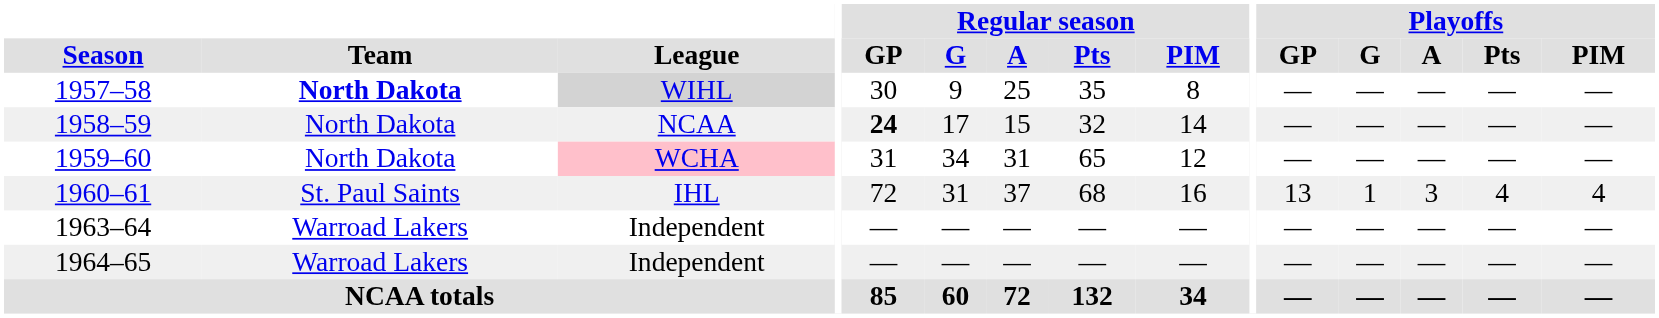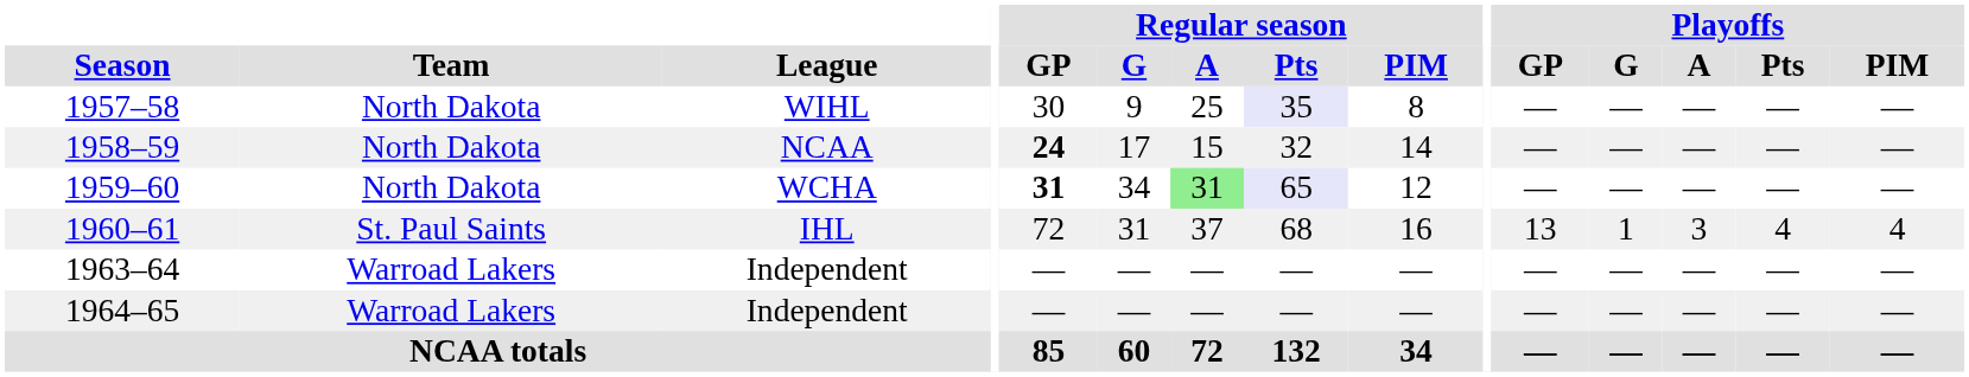 <table border="0" cellpadding="1" cellspacing="0" style="text-align:center; width:60em">
 <tr bgcolor="#e0e0e0">
 <th colspan="3" bgcolor="#ffffff"></th>
 <th rowspan="99" bgcolor="#ffffff"></th>
 <th colspan="5"><a href='#'>Regular season</a></th>
 <th rowspan="99" bgcolor="#ffffff"></th>
 <th colspan="5"><a href='#'>Playoffs</a></th>
 </tr>
 <tr bgcolor="#e0e0e0">
 <th><a href='#'>Season</a></th>
 <th>Team</th>
 <th>League</th>
 <th>GP</th>
 <th><a href='#'>G</a></th>
 <th><a href='#'>A</a></th>
 <th><a href='#'>Pts</a></th>
 <th><a href='#'>PIM</a></th>
 <th>GP</th>
 <th>G</th>
 <th>A</th>
 <th>Pts</th>
 <th>PIM</th>
 </tr>
 <tr>
 <td><a href='#'>1957–58</a></td>
-<td><strong><a href='#'>North Dakota</a></strong></td>
-<td style="background: lightgrey;"><a href='#'>WIHL</a></td>
+<td><a href='#'>North Dakota</a></td>
+<td><a href='#'>WIHL</a></td>
 <td>30</td>
 <td>9</td>
 <td>25</td>
-<td>35</td>
+<td style="background: lavender;">35</td>
 <td>8</td>
 <td>—</td>
 <td>—</td>
 <td>—</td>
 <td>—</td>
 <td>—</td>
 </tr>
 <tr bgcolor="f0f0f0">
 <td><a href='#'>1958–59</a></td>
 <td><a href='#'>North Dakota</a></td>
 <td><a href='#'>NCAA</a></td>
 <td><strong>24</strong></td>
 <td>17</td>
 <td>15</td>
 <td>32</td>
 <td>14</td>
 <td>—</td>
 <td>—</td>
 <td>—</td>
 <td>—</td>
 <td>—</td>
 </tr>
 <tr>
 <td><a href='#'>1959–60</a></td>
 <td><a href='#'>North Dakota</a></td>
-<td style="background: pink;"><a href='#'>WCHA</a></td>
-<td>31</td>
+<td><a href='#'>WCHA</a></td>
+<td><strong>31</strong></td>
 <td>34</td>
-<td>31</td>
-<td>65</td>
+<td style="background: lightgreen;">31</td>
+<td style="background: lavender;">65</td>
 <td>12</td>
 <td>—</td>
 <td>—</td>
 <td>—</td>
 <td>—</td>
 <td>—</td>
 </tr>
 <tr bgcolor="f0f0f0">
 <td><a href='#'>1960–61</a></td>
 <td><a href='#'>St. Paul Saints</a></td>
 <td><a href='#'>IHL</a></td>
 <td>72</td>
 <td>31</td>
 <td>37</td>
 <td>68</td>
 <td>16</td>
 <td>13</td>
 <td>1</td>
 <td>3</td>
 <td>4</td>
 <td>4</td>
 </tr>
 <tr>
 <td>1963–64</td>
 <td><a href='#'>Warroad Lakers</a></td>
 <td>Independent</td>
 <td>—</td>
 <td>—</td>
 <td>—</td>
 <td>—</td>
 <td>—</td>
 <td>—</td>
 <td>—</td>
 <td>—</td>
 <td>—</td>
 <td>—</td>
 </tr>
 <tr bgcolor="f0f0f0">
 <td>1964–65</td>
 <td><a href='#'>Warroad Lakers</a></td>
 <td>Independent</td>
 <td>—</td>
 <td>—</td>
 <td>—</td>
 <td>—</td>
 <td>—</td>
 <td>—</td>
 <td>—</td>
 <td>—</td>
 <td>—</td>
 <td>—</td>
 </tr>
 <tr bgcolor="#e0e0e0">
 <th colspan="3">NCAA totals</th>
 <th>85</th>
 <th>60</th>
 <th>72</th>
 <th>132</th>
 <th>34</th>
 <th>—</th>
 <th>—</th>
 <th>—</th>
 <th>—</th>
 <th>—</th>
 </tr>
 </table>
